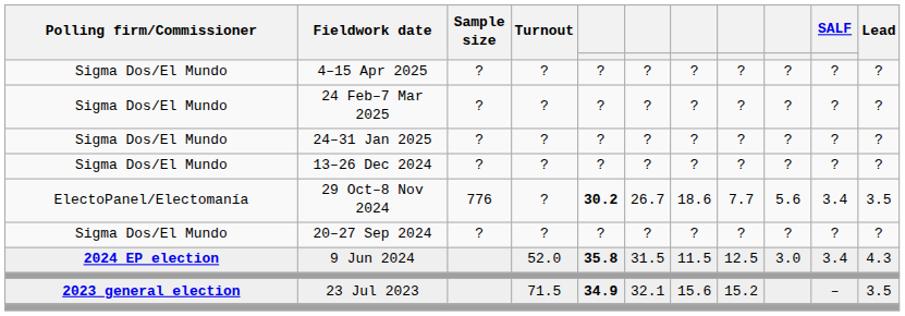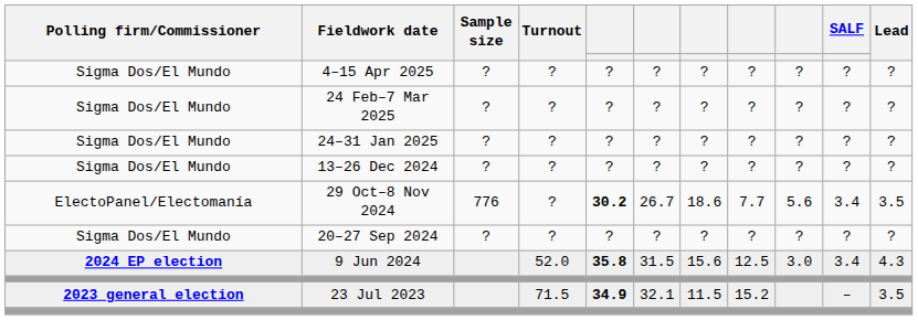 <table class="wikitable collapsible collapsed" style="text-align:center; font-size:95%; line-height:16px;">
 <tr style="height:42px;">
 <th style="width:250px;" rowspan="2">Polling firm/Commissioner</th>
 <th style="width:125px;" rowspan="2">Fieldwork date</th>
 <th style="width:50px;" rowspan="2">Sample size</th>
 <th style="width:45px;" rowspan="2">Turnout</th>
 <th style="width:35px;"></th>
 <th style="width:35px;"></th>
 <th style="width:35px;"></th>
 <th style="width:35px;"></th>
 <th style="width:35px;"></th>
 <th style="width:35px;"><a href='#'>SALF</a></th>
 <th style="width:30px;" rowspan="2">Lead</th>
 </tr>
 <tr>
 <th style="color:inherit;background:"></th>
 <th style="color:inherit;background:"></th>
 <th style="color:inherit;background:"></th>
 <th style="color:inherit;background:"></th>
 <th style="color:inherit;background:"></th>
 <th style="color:inherit;background:"></th>
 </tr>
 <tr>
 <td>Sigma Dos/El Mundo</td>
 <td>4–15 Apr 2025</td>
 <td>?</td>
 <td>?</td>
 <td>?<br></td>
 <td>?<br></td>
 <td>?<br></td>
 <td>?<br></td>
 <td>?<br></td>
 <td>?<br></td>
 <td style="background:">?</td>
 </tr>
 <tr>
 <td>Sigma Dos/El Mundo</td>
 <td>24 Feb–7 Mar 2025</td>
 <td>?</td>
 <td>?</td>
 <td>?<br></td>
 <td>?<br></td>
 <td>?<br></td>
 <td>?<br></td>
 <td>?<br></td>
 <td>?<br></td>
 <td style="background:">?</td>
 </tr>
 <tr>
 <td>Sigma Dos/El Mundo</td>
 <td>24–31 Jan 2025</td>
 <td>?</td>
 <td>?</td>
 <td>?<br></td>
 <td>?<br></td>
 <td>?<br></td>
 <td>?<br></td>
 <td>?<br></td>
 <td>?<br></td>
 <td style="background:">?</td>
 </tr>
 <tr>
 <td>Sigma Dos/El Mundo</td>
 <td>13–26 Dec 2024</td>
 <td>?</td>
 <td>?</td>
 <td>?<br></td>
 <td>?<br></td>
 <td>?<br></td>
 <td>?<br></td>
 <td>?<br></td>
 <td>?<br></td>
 <td style="background:">?</td>
 </tr>
 <tr>
 <td>ElectoPanel/Electomanía</td>
 <td>29 Oct–8 Nov 2024</td>
 <td>776</td>
 <td>?</td>
 <td><strong>30.2</strong></td>
 <td>26.7</td>
 <td>18.6</td>
 <td>7.7<br></td>
 <td>5.6</td>
 <td>3.4</td>
 <td style="background:">3.5</td>
 </tr>
 <tr>
 <td>Sigma Dos/El Mundo</td>
 <td>20–27 Sep 2024</td>
 <td>?</td>
 <td>?</td>
 <td>?<br></td>
 <td>?<br></td>
 <td>?<br></td>
 <td>?<br></td>
 <td>?<br></td>
 <td>?<br></td>
 <td style="background:">?</td>
 </tr>
 <tr style="background:#EFEFEF;">
 <td><strong><a href='#'>2024 EP election</a></strong></td>
 <td>9 Jun 2024</td>
 <td></td>
 <td>52.0</td>
 <td><strong>35.8</strong><br></td>
 <td>31.5<br></td>
-<td>11.5<br></td>
+<td>15.6<br></td>
 <td>12.5</td>
 <td>3.0<br></td>
 <td>3.4</td>
 <td style="background:">4.3</td>
 </tr>
 <tr>
 <td colspan="11" style="background:#A0A0A0"></td>
 </tr>
 <tr style="background:#EFEFEF;">
 <td><strong><a href='#'>2023 general election</a></strong></td>
 <td>23 Jul 2023</td>
 <td></td>
 <td>71.5</td>
 <td><strong>34.9</strong><br></td>
 <td>32.1<br></td>
-<td>15.6<br></td>
+<td>11.5<br></td>
 <td>15.2<br></td>
 <td></td>
 <td>–</td>
 <td style="background:">3.5</td>
 </tr>
 <tr>
 <td colspan="11" style="background:#A0A0A0"></td>
 </tr>
 </table>
